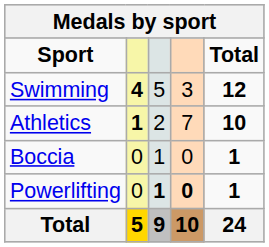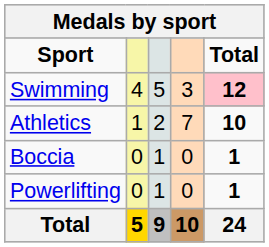 <table class=wikitable style="font-size:85%">
 <tr bgcolor=efefef>
 <th colspan=5><strong>Medals by sport</strong></th>
 </tr>
 <tr style="text-align:center">
 <td><strong>Sport</strong></td>
 <td bgcolor=#f7f6a8></td>
 <td bgcolor=#dce5e5></td>
 <td bgcolor=#ffdab9></td>
 <td><strong>Total</strong></td>
 </tr>
 <tr style="text-align:center">
 <td align=left><a href='#'>Swimming</a></td>
-<td bgcolor=F7F6A8><strong>4</strong></td>
+<td bgcolor=F7F6A8>4</td>
 <td bgcolor=DCE5E5>5</td>
 <td bgcolor=FFDAB9>3</td>
-<td><strong>12</strong></td>
+<td style="background: pink;"><strong>12</strong></td>
 </tr>
 <tr style="text-align:center">
 <td align=left><a href='#'>Athletics</a></td>
-<td bgcolor=F7F6A8><strong>1</strong></td>
+<td bgcolor=F7F6A8>1</td>
 <td bgcolor=DCE5E5>2</td>
 <td bgcolor=FFDAB9>7</td>
 <td><strong>10</strong></td>
 </tr>
 <tr style="text-align:center">
 <td align=left><a href='#'>Boccia</a></td>
 <td bgcolor=F7F6A8>0</td>
 <td bgcolor=DCE5E5>1</td>
 <td bgcolor=FFDAB9>0</td>
 <td><strong>1</strong></td>
 </tr>
 <tr style="text-align:center">
 <td align=left><a href='#'>Powerlifting</a></td>
 <td bgcolor=F7F6A8>0</td>
-<td bgcolor=DCE5E5><strong>1</strong></td>
-<td bgcolor=FFDAB9><strong>0</strong></td>
+<td bgcolor=DCE5E5>1</td>
+<td bgcolor=FFDAB9>0</td>
 <td><strong>1</strong></td>
 </tr>
 <tr style="text-align:center">
 <th><strong>Total</strong></th>
 <th style="background:gold"><strong>5</strong></th>
 <th style="background:silver"><strong>9</strong></th>
 <th style="background:#c96"><strong>10</strong></th>
 <th><strong>24</strong></th>
 </tr>
 </table>
